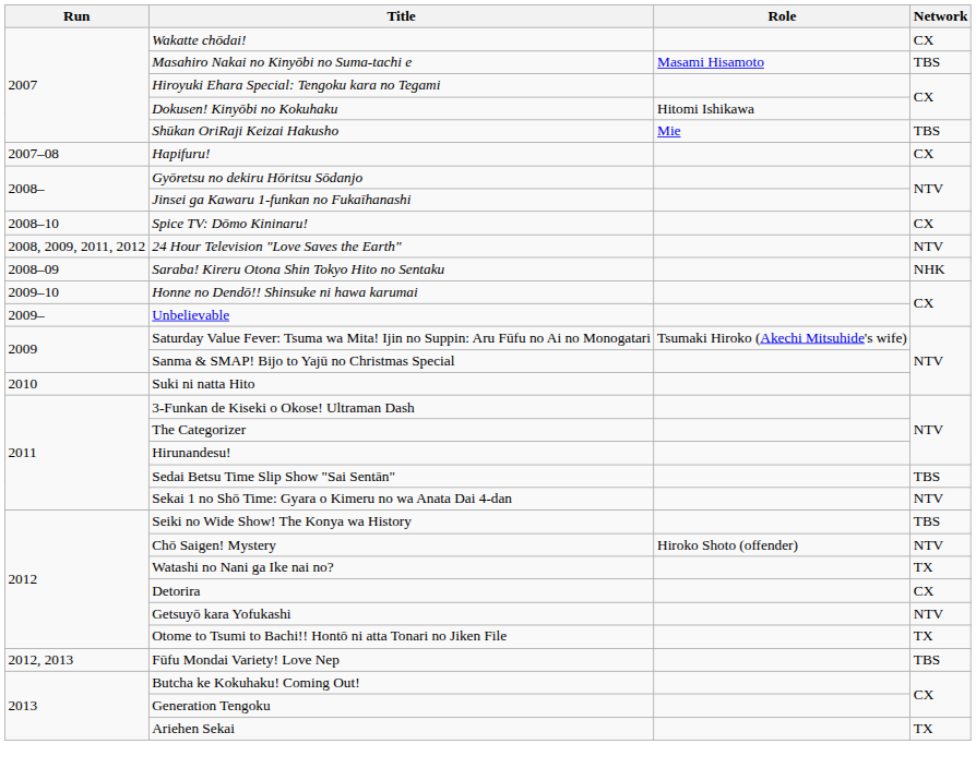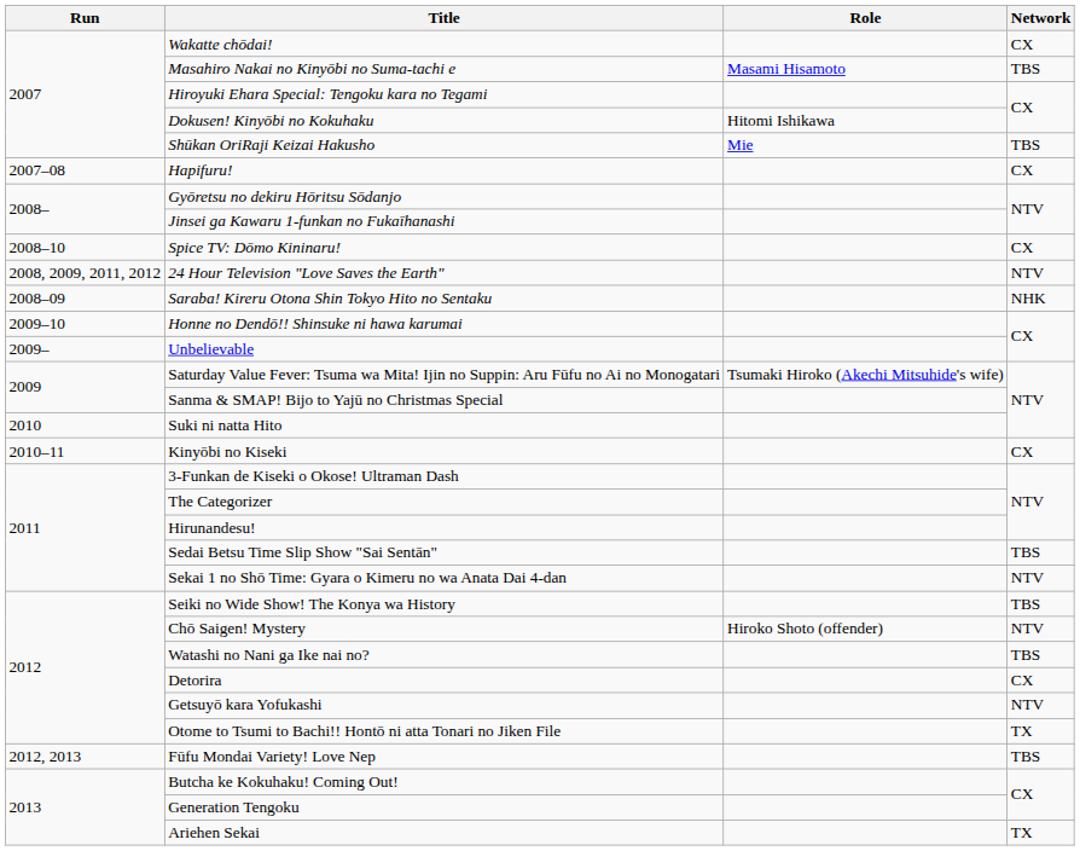 <table class="wikitable">
 <tr>
 <th>Run</th>
 <th>Title</th>
 <th>Role</th>
 <th>Network</th>
 </tr>
 <tr>
 <td rowspan="5">2007</td>
 <td><em>Wakatte chōdai!</em></td>
 <td></td>
 <td>CX</td>
 </tr>
 <tr>
 <td><em>Masahiro Nakai no Kinyōbi no Suma-tachi e</em></td>
 <td><a href='#'>Masami Hisamoto</a></td>
 <td>TBS</td>
 </tr>
 <tr>
 <td><em>Hiroyuki Ehara Special: Tengoku kara no Tegami</em></td>
 <td></td>
 <td rowspan="2">CX</td>
 </tr>
 <tr>
 <td><em>Dokusen! Kinyōbi no Kokuhaku</em></td>
 <td>Hitomi Ishikawa</td>
 </tr>
 <tr>
 <td><em>Shūkan OriRaji Keizai Hakusho</em></td>
 <td><a href='#'>Mie</a></td>
 <td>TBS</td>
 </tr>
 <tr>
 <td>2007–08</td>
 <td><em>Hapifuru!</em></td>
 <td></td>
 <td>CX</td>
 </tr>
 <tr>
 <td rowspan="2">2008–</td>
 <td><em>Gyōretsu no dekiru Hōritsu Sōdanjo</em></td>
 <td></td>
 <td rowspan="2">NTV</td>
 </tr>
 <tr>
 <td><em>Jinsei ga Kawaru 1-funkan no Fukaīhanashi</em></td>
 <td></td>
 </tr>
 <tr>
 <td>2008–10</td>
 <td><em>Spice TV: Dōmo Kininaru!</em></td>
 <td></td>
 <td>CX</td>
 </tr>
 <tr>
 <td>2008, 2009, 2011, 2012</td>
 <td><em>24 Hour Television "Love Saves the Earth"</em></td>
 <td></td>
 <td>NTV</td>
 </tr>
 <tr>
 <td>2008–09</td>
 <td><em>Saraba! Kireru Otona Shin Tokyo Hito no Sentaku</em></td>
 <td></td>
 <td>NHK</td>
 </tr>
 <tr>
 <td>2009–10</td>
 <td><em>Honne no Dendō!! Shinsuke ni hawa karumai<strong></td>
 <td></td>
 <td rowspan="2">CX</td>
 </tr>
 <tr>
 <td>2009–</td>
 <td></em><a href='#'>Unbelievable</a><em></td>
 <td></td>
 </tr>
 <tr>
 <td rowspan="2'">2009</td>
 <td></em>Saturday Value Fever: Tsuma wa Mita! Ijin no Suppin: Aru Fūfu no Ai no Monogatari<em></td>
 <td>Tsumaki Hiroko (<a href='#'>Akechi Mitsuhide</a>'s wife)</td>
 <td rowspan="3">NTV</td>
 </tr>
 <tr>
 <td></em>Sanma & SMAP! Bijo to Yajū no Christmas Special<em></td>
 <td></td>
 </tr>
 <tr>
 <td>2010</td>
 <td></em>Suki ni natta Hito<em></td>
 <td></td>
 </tr>
 <tr>
+<td>2010–11</td>
+<td></em>Kinyōbi no Kiseki<em></td>
+<td></td>
+<td>CX</td>
+</tr>
+<tr>
 <td rowspan="5">2011</td>
 <td></em>3-Funkan de Kiseki o Okose! Ultraman Dash<em></td>
 <td></td>
 <td rowspan="3">NTV</td>
 </tr>
 <tr>
 <td></em>The Categorizer<em></td>
 <td></td>
 </tr>
 <tr>
 <td></em>Hirunandesu!<em></td>
 <td></td>
 </tr>
 <tr>
 <td></em>Sedai Betsu Time Slip Show "Sai Sentān"<em></td>
 <td></td>
 <td>TBS</td>
 </tr>
 <tr>
 <td></em>Sekai 1 no Shō Time: Gyara o Kimeru no wa Anata Dai 4-dan<em></td>
 <td></td>
 <td>NTV</td>
 </tr>
 <tr>
 <td rowspan="6">2012</td>
 <td></em>Seiki no Wide Show! The Konya wa History<em></td>
 <td></td>
 <td>TBS</td>
 </tr>
 <tr>
 <td></em>Chō Saigen! Mystery<em></td>
 <td>Hiroko Shoto (offender)</td>
 <td>NTV</td>
 </tr>
 <tr>
 <td></em>Watashi no Nani ga Ike nai no?<em></td>
 <td></td>
-<td>TX</td>
+<td>TBS</td>
 </tr>
 <tr>
 <td></em>Detorira<em></td>
 <td></td>
 <td>CX</td>
 </tr>
 <tr>
 <td></em>Getsuyō kara Yofukashi<em></td>
 <td></td>
 <td>NTV</td>
 </tr>
 <tr>
 <td></em>Otome to Tsumi to Bachi!! Hontō ni atta Tonari no Jiken File<em></td>
 <td></td>
 <td>TX</td>
 </tr>
 <tr>
 <td>2012, 2013</td>
 <td></em>Fūfu Mondai Variety! Love Nep<em></td>
 <td></td>
 <td>TBS</td>
 </tr>
 <tr>
 <td rowspan="3">2013</td>
 <td></em>Butcha ke Kokuhaku! Coming Out!<em></td>
 <td></td>
 <td rowspan="2">CX</td>
 </tr>
 <tr>
 <td></em>Generation Tengoku<em></td>
 <td></td>
 </tr>
 <tr>
 <td></em>Ariehen Sekai<em></td>
 <td></td>
 <td>TX</td>
 </tr>
 </table>
